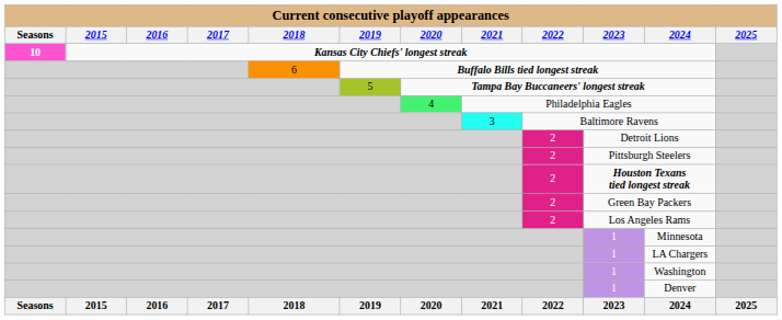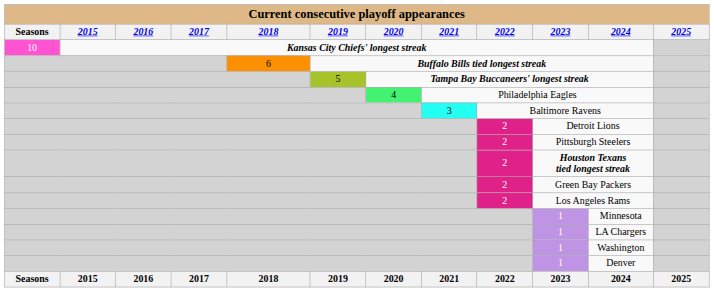 <table class="wikitable" style="text-align:center" width=90%>
 <tr>
 <th colspan="12" style="width:95%; text-align:center; font-size:125%; background:#deb887;">Current consecutive playoff appearances</th>
 </tr>
 <tr>
 <th width=6%>Seasons</th>
 <th width=6%><em><a href='#'>2015</a></em></th>
 <th width=6%><em><a href='#'>2016</a></em></th>
 <th width=6%><em><a href='#'>2017</a></em></th>
 <th width=9%><em><a href='#'>2018</a></em></th>
 <th width=6%><em><a href='#'>2019</a></em></th>
 <th width=6%><em><a href='#'>2020</a></em></th>
 <th width=6%><em><a href='#'>2021</a></em></th>
 <th width=6%><em><a href='#'>2022</a></em></th>
 <th width=6%><em><a href='#'>2023</a></em></th>
 <th width=6%><em><a href='#'>2024</a></em></th>
 <th width=6%><em><a href='#'>2025</a></em></th>
 </tr>
 <tr>
-<td style="background:#FF54D1; color:white;"><strong>10</strong></td>
+<td style="background:#FF54D1; color:white;">10</td>
 <td colspan="10"><strong><em>Kansas City Chiefs' longest streak</em></strong></td>
 <td style="background:lightgrey;"></td>
 </tr>
 <tr>
 <td colspan="4" style="background:lightgrey;"></td>
 <td style="background:#fc9003;">6</td>
 <td colspan="6"><strong><em>Buffalo Bills tied longest streak</em></strong></td>
 <td style="background:lightgrey;"></td>
 </tr>
 <tr>
 <td colspan="5" style="background:lightgrey;"></td>
 <td style="background:#a6c429;">5</td>
 <td colspan="5"><strong><em>Tampa Bay Buccaneers' longest streak</em></strong></td>
 <td style="background:lightgrey;"></td>
 </tr>
 <tr>
 <td colspan="6" style="background:lightgrey;"></td>
 <td style="background:#44F272;">4</td>
 <td colspan="4">Philadelphia Eagles</td>
 <td style="background:lightgrey;"></td>
 </tr>
 <tr>
 <td colspan="7" style="background:lightgrey;"></td>
 <td style="background:#24FFF4;">3</td>
 <td colspan=3>Baltimore Ravens</td>
 <td style="background:lightgrey;"></td>
 </tr>
 <tr>
 <td colspan="8" style="background:lightgrey;"></td>
 <td style="background:#E0218A; color:white;">2</td>
 <td colspan=2>Detroit Lions</td>
 <td style="background:lightgrey;"></td>
 </tr>
 <tr>
 <td colspan="8" style="background:lightgrey;"></td>
 <td style="background:#E0218A; color:white;">2</td>
 <td colspan=2>Pittsburgh Steelers</td>
 <td style="background:lightgrey;"></td>
 </tr>
 <tr>
 <td colspan="8" style="background:lightgrey;"></td>
 <td style="background:#E0218A; color:white;">2</td>
 <td colspan=2><strong><em>Houston Texans <br>tied longest streak</em></strong></td>
 <td style="background:lightgrey;"></td>
 </tr>
 <tr>
 <td colspan="8" style="background:lightgrey;"></td>
 <td style="background:#E0218A; color:white;">2</td>
 <td colspan=2>Green Bay Packers</td>
 <td style="background:lightgrey;"></td>
 </tr>
 <tr>
 <td colspan="8" style="background:lightgrey;"></td>
 <td style="background:#E0218A; color:white;">2</td>
 <td colspan=2>Los Angeles Rams</td>
 <td style="background:lightgrey;"></td>
 </tr>
 <tr>
 <td colspan="9" style="background:lightgrey;"></td>
 <td style="background:#BF94E4; color:white;">1</td>
 <td>Minnesota</td>
 <td style="background:lightgrey;"></td>
 </tr>
 <tr>
 <td colspan="9" style="background:lightgrey;"></td>
 <td style="background:#BF94E4; color:white;">1</td>
 <td>LA Chargers</td>
 <td style="background:lightgrey;"></td>
 </tr>
 <tr>
 <td colspan="9" style="background:lightgrey;"></td>
 <td style="background:#BF94E4; color:white;">1</td>
 <td>Washington</td>
 <td style="background:lightgrey;"></td>
 </tr>
 <tr>
 <td colspan="9" style="background:lightgrey;"></td>
 <td style="background:#BF94E4; color:white;">1</td>
 <td>Denver</td>
 <td style="background:lightgrey;"></td>
 </tr>
 <tr>
 <th>Seasons</th>
 <th>2015</th>
 <th>2016</th>
 <th>2017</th>
 <th>2018</th>
 <th>2019</th>
 <th>2020</th>
 <th>2021</th>
 <th>2022</th>
 <th>2023</th>
 <th>2024</th>
 <th>2025</th>
 </tr>
 </table>
